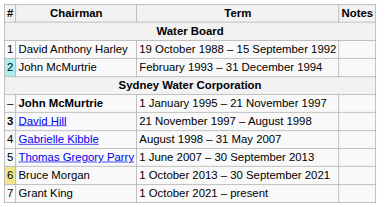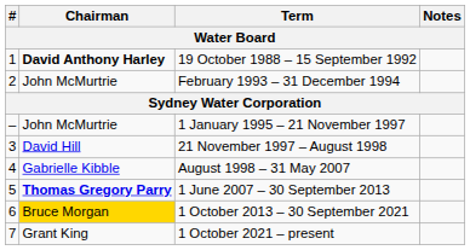 <table class="wikitable">
 <tr>
 <th>#</th>
 <th>Chairman</th>
 <th>Term</th>
 <th>Notes</th>
 </tr>
 <tr>
 <th colspan=4>Water Board</th>
 </tr>
 <tr>
 <td>1</td>
-<td>David Anthony Harley</td>
+<td><strong>David Anthony Harley</strong></td>
 <td>19 October 1988 – 15 September 1992</td>
 <td></td>
 </tr>
 <tr>
-<td style="background: paleturquoise;">2</td>
+<td>2</td>
 <td>John McMurtrie</td>
 <td>February 1993 – 31 December 1994</td>
 <td></td>
 </tr>
 <tr>
 <th colspan=4>Sydney Water Corporation</th>
 </tr>
 <tr>
 <td>–</td>
-<td><strong>John McMurtrie</strong></td>
+<td>John McMurtrie</td>
 <td>1 January 1995 – 21 November 1997</td>
 <td></td>
 </tr>
 <tr>
-<td><strong>3</strong></td>
+<td>3</td>
 <td><a href='#'>David Hill</a></td>
 <td>21 November 1997 – August 1998</td>
 <td></td>
 </tr>
 <tr>
 <td>4</td>
 <td><a href='#'>Gabrielle Kibble</a></td>
 <td>August 1998 – 31 May 2007</td>
 <td></td>
 </tr>
 <tr>
 <td>5</td>
-<td><a href='#'>Thomas Gregory Parry</a></td>
+<td><strong><a href='#'>Thomas Gregory Parry</a></strong></td>
 <td>1 June 2007 – 30 September 2013</td>
 <td></td>
 </tr>
 <tr>
-<td style="background: khaki;">6</td>
-<td>Bruce Morgan</td>
+<td>6</td>
+<td style="background: gold;">Bruce Morgan</td>
 <td>1 October 2013 – 30 September 2021</td>
 <td></td>
 </tr>
 <tr>
 <td>7</td>
 <td>Grant King</td>
 <td>1 October 2021 – present</td>
 <td></td>
 </tr>
 </table>
